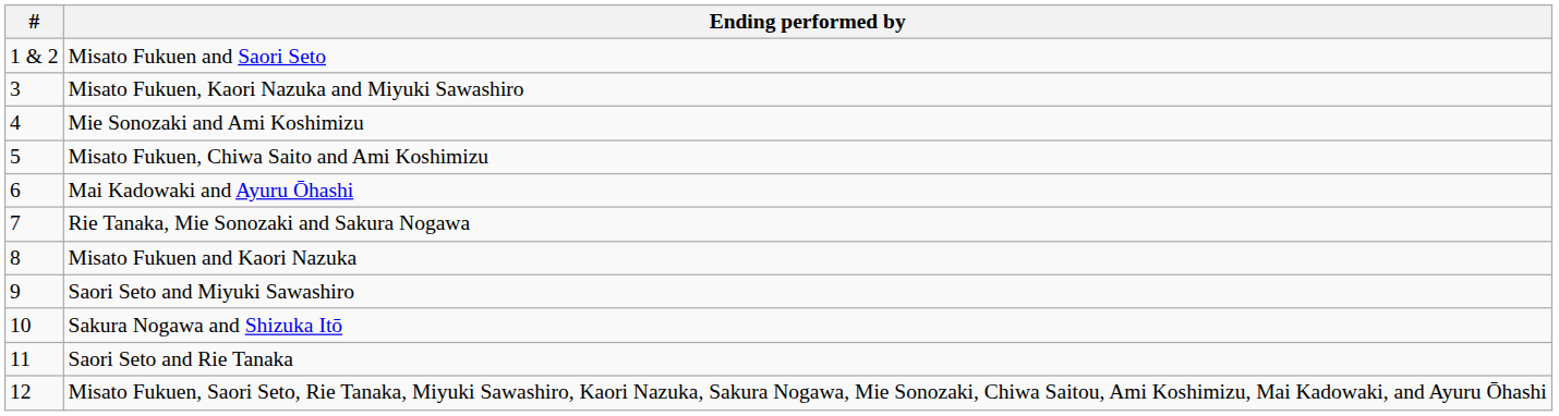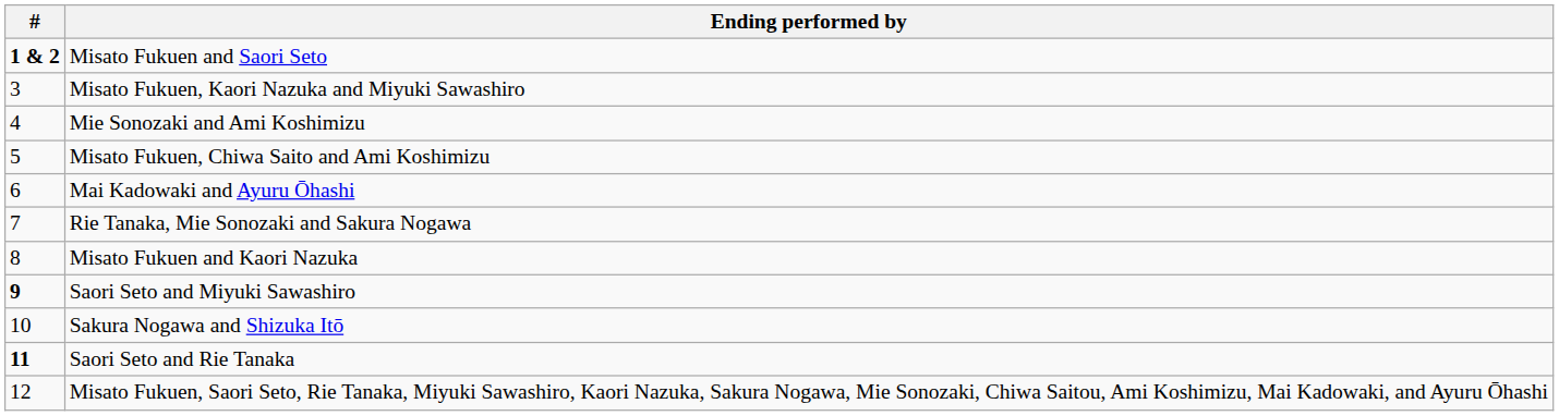 <table class="wikitable">
 <tr>
 <th>#</th>
 <th>Ending performed by</th>
 </tr>
 <tr>
-<td>1 & 2</td>
+<td><strong>1 & 2</strong></td>
 <td>Misato Fukuen and <a href='#'>Saori Seto</a></td>
 </tr>
 <tr>
 <td>3</td>
 <td>Misato Fukuen, Kaori Nazuka and Miyuki Sawashiro</td>
 </tr>
 <tr>
 <td>4</td>
 <td>Mie Sonozaki and Ami Koshimizu</td>
 </tr>
 <tr>
 <td>5</td>
 <td>Misato Fukuen, Chiwa Saito and Ami Koshimizu</td>
 </tr>
 <tr>
 <td>6</td>
 <td>Mai Kadowaki and <a href='#'>Ayuru Ōhashi</a></td>
 </tr>
 <tr>
 <td>7</td>
 <td>Rie Tanaka, Mie Sonozaki and Sakura Nogawa</td>
 </tr>
 <tr>
 <td>8</td>
 <td>Misato Fukuen and Kaori Nazuka</td>
 </tr>
 <tr>
-<td>9</td>
+<td><strong>9</strong></td>
 <td>Saori Seto and Miyuki Sawashiro</td>
 </tr>
 <tr>
 <td>10</td>
 <td>Sakura Nogawa and <a href='#'>Shizuka Itō</a></td>
 </tr>
 <tr>
-<td>11</td>
+<td><strong>11</strong></td>
 <td>Saori Seto and Rie Tanaka</td>
 </tr>
 <tr>
 <td>12</td>
 <td>Misato Fukuen, Saori Seto, Rie Tanaka, Miyuki Sawashiro, Kaori Nazuka, Sakura Nogawa, Mie Sonozaki, Chiwa Saitou, Ami Koshimizu, Mai Kadowaki, and Ayuru Ōhashi</td>
 </tr>
 </table>
